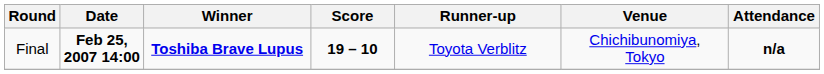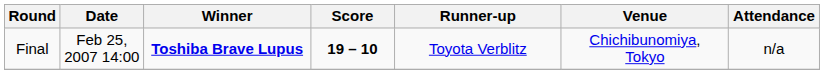 <table class="wikitable" style="text-align: center;">
 <tr>
 <th width=5%>Round</th>
 <th width=10%>Date</th>
 <th width=20%>Winner</th>
 <th width=10%>Score</th>
 <th width=20%>Runner-up</th>
 <th width=20%>Venue</th>
 <th width=10%>Attendance</th>
 </tr>
 <tr>
 <td>Final</td>
-<td><strong>Feb 25, 2007 14:00<br></strong></td>
+<td>Feb 25, 2007 14:00<br></td>
 <td><strong><a href='#'>Toshiba Brave Lupus</a></strong></td>
 <td><strong>19 – 10</strong><br></td>
 <td><a href='#'>Toyota Verblitz</a></td>
 <td><a href='#'>Chichibunomiya</a>,<br><a href='#'>Tokyo</a></td>
-<td><strong>n/a</strong></td>
+<td>n/a</td>
 </tr>
 <tr>
 </tr>
 </table>
